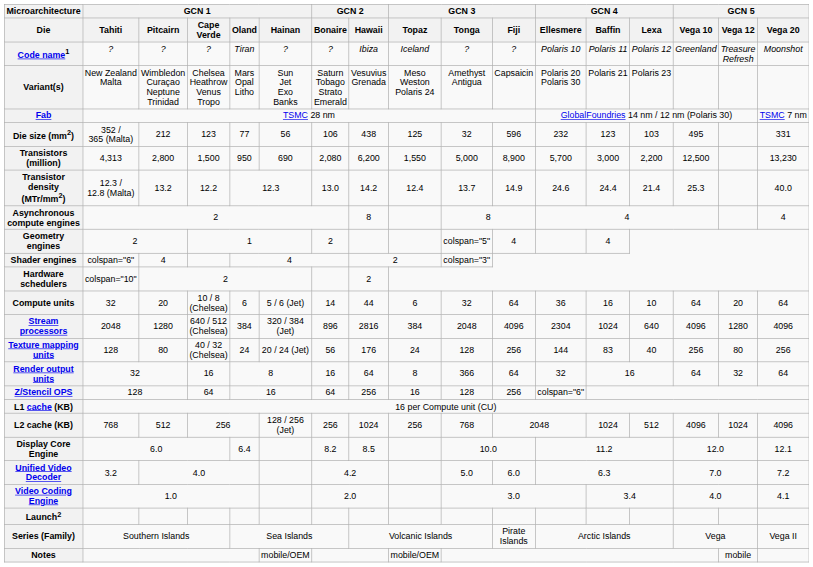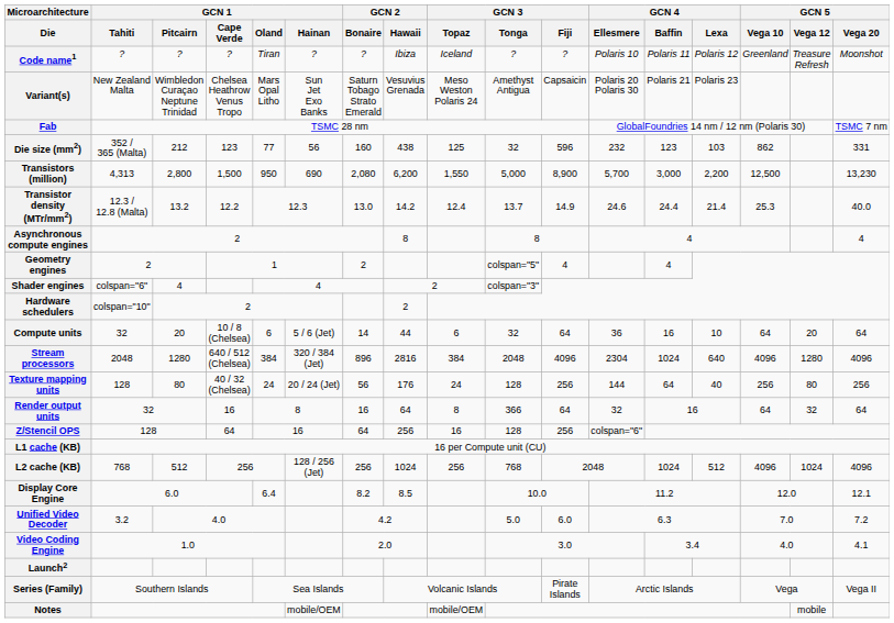 <table class="wikitable" style="font-size: 85%; text-align: center;">
 <tr>
 <th>Microarchitecture</th>
 <th colspan="5">GCN 1</th>
 <th colspan="2">GCN 2</th>
 <th colspan="3">GCN 3</th>
 <th colspan="3">GCN 4</th>
 <th colspan="3">GCN 5</th>
 </tr>
 <tr>
 <th>Die</th>
 <th>Tahiti</th>
 <th>Pitcairn</th>
 <th>Cape Verde</th>
 <th>Oland</th>
 <th>Hainan</th>
 <th>Bonaire</th>
 <th>Hawaii</th>
 <th>Topaz</th>
 <th>Tonga</th>
 <th>Fiji</th>
 <th>Ellesmere</th>
 <th>Baffin</th>
 <th>Lexa</th>
 <th>Vega 10</th>
 <th>Vega 12</th>
 <th>Vega 20</th>
 </tr>
 <tr>
 <th><a href='#'>Code name</a><sup>1</sup></th>
 <td style="vertical-align:top;"><em>?</em></td>
 <td style="vertical-align:top;"><em>?</em></td>
 <td style="vertical-align:top;"><em>?</em></td>
 <td style="vertical-align:top;"><em>Tiran</em></td>
 <td style="vertical-align:top;"><em>?</em></td>
 <td style="vertical-align:top;"><em>?</em></td>
 <td style="vertical-align:top;"><em>Ibiza</em></td>
 <td style="vertical-align:top;"><em>Iceland</em></td>
 <td style="vertical-align:top;"><em>?</em></td>
 <td style="vertical-align:top;"><em>?</em></td>
 <td style="vertical-align:top;"><em>Polaris 10</em></td>
 <td style="vertical-align:top;"><em>Polaris 11</em></td>
 <td style="vertical-align:top;"><em>Polaris 12</em></td>
 <td style="vertical-align:top;"><em>Greenland</em></td>
 <td style="vertical-align:top;"><em>Treasure Refresh</em></td>
 <td style="vertical-align:top;"><em>Moonshot</em></td>
 </tr>
 <tr>
 <th>Variant(s)</th>
 <td style="vertical-align:top;">New Zealand<br>Malta</td>
 <td style="vertical-align:top;">Wimbledon<br>Curaçao<br>Neptune<br>Trinidad</td>
 <td style="vertical-align:top;">Chelsea<br>Heathrow<br>Venus<br>Tropo</td>
 <td style="vertical-align:top;">Mars<br>Opal<br>Litho</td>
 <td style="vertical-align:top;">Sun<br>Jet<br>Exo<br>Banks</td>
 <td style="vertical-align:top;">Saturn<br>Tobago<br>Strato<br>Emerald</td>
 <td style="vertical-align:top;">Vesuvius<br>Grenada</td>
 <td style="vertical-align:top;">Meso<br>Weston<br>Polaris 24</td>
 <td style="vertical-align:top;">Amethyst<br>Antigua</td>
 <td style="vertical-align:top;">Capsaicin</td>
 <td style="vertical-align:top;">Polaris 20<br>Polaris 30</td>
 <td style="vertical-align:top;">Polaris 21</td>
 <td style="vertical-align:top;">Polaris 23</td>
 <td></td>
 <td></td>
 <td></td>
 </tr>
 <tr>
 <th><a href='#'>Fab</a></th>
 <td colspan="10"><a href='#'>TSMC</a> 28 nm</td>
 <td colspan="5"><a href='#'>GlobalFoundries</a> 14 nm / 12 nm (Polaris 30)</td>
 <td colspan="2"><a href='#'>TSMC</a> 7 nm</td>
 </tr>
 <tr>
 <th>Die size (mm<sup>2</sup>)</th>
 <td>352 / 365 (Malta)</td>
 <td>212</td>
 <td>123</td>
 <td>77</td>
 <td>56</td>
-<td>106</td>
+<td>160</td>
 <td>438</td>
 <td>125</td>
 <td>32</td>
 <td>596</td>
 <td>232</td>
 <td>123</td>
 <td>103</td>
-<td>495</td>
+<td>862</td>
 <td></td>
 <td>331</td>
 </tr>
 <tr>
 <th>Transistors (million)</th>
 <td>4,313</td>
 <td>2,800</td>
 <td>1,500</td>
 <td>950</td>
 <td>690</td>
 <td>2,080</td>
 <td>6,200</td>
 <td>1,550</td>
 <td>5,000</td>
 <td>8,900</td>
 <td>5,700</td>
 <td>3,000</td>
 <td>2,200</td>
 <td>12,500</td>
 <td></td>
 <td>13,230</td>
 </tr>
 <tr>
 <th>Transistor density (MTr/mm<sup>2</sup>)</th>
 <td>12.3 / 12.8 (Malta)</td>
 <td>13.2</td>
 <td>12.2</td>
 <td colspan="2">12.3</td>
 <td>13.0</td>
 <td>14.2</td>
 <td>12.4</td>
 <td>13.7</td>
 <td>14.9</td>
 <td>24.6</td>
 <td>24.4</td>
 <td>21.4</td>
 <td>25.3</td>
 <td></td>
 <td>40.0</td>
 </tr>
 <tr>
 <th>Asynchronous compute engines</th>
 <td colspan="6">2</td>
 <td>8</td>
 <td></td>
 <td colspan="2">8</td>
 <td colspan="4">4</td>
 <td></td>
 <td>4</td>
 </tr>
 <tr>
 <th>Geometry engines</th>
 <td colspan="2">2</td>
 <td colspan="3">1</td>
 <td>2</td>
 <td></td>
 <td></td>
 <td>colspan="5" </td>
 <td>4</td>
 <td></td>
 <td>4</td>
 </tr>
 <tr>
 <th>Shader engines</th>
 <td>colspan="6" </td>
 <td>4</td>
 <td></td>
 <td colspan="3">4</td>
 <td colspan="2">2</td>
 <td>colspan="3" </td>
 </tr>
 <tr>
 <th>Hardware schedulers</th>
 <td>colspan="10" </td>
 <td colspan="4">2</td>
 <td></td>
 <td>2</td>
 </tr>
 <tr>
 <th>Compute units</th>
 <td>32</td>
 <td>20</td>
 <td>10 / 8 (Chelsea)</td>
 <td>6</td>
 <td>5 / 6 (Jet)</td>
 <td>14</td>
 <td>44</td>
 <td>6</td>
 <td>32</td>
 <td>64</td>
 <td>36</td>
 <td>16</td>
 <td>10</td>
 <td>64</td>
 <td>20</td>
 <td>64</td>
 </tr>
 <tr>
 <th><a href='#'>Stream processors</a></th>
 <td>2048</td>
 <td>1280</td>
 <td>640 / 512 (Chelsea)</td>
 <td>384</td>
 <td>320 / 384 (Jet)</td>
 <td>896</td>
 <td>2816</td>
 <td>384</td>
 <td>2048</td>
 <td>4096</td>
 <td>2304</td>
 <td>1024</td>
 <td>640</td>
 <td>4096</td>
 <td>1280</td>
 <td>4096</td>
 </tr>
 <tr>
 <th><a href='#'>Texture mapping units</a></th>
 <td>128</td>
 <td>80</td>
 <td>40 / 32 (Chelsea)</td>
 <td>24</td>
 <td>20 / 24 (Jet)</td>
 <td>56</td>
 <td>176</td>
 <td>24</td>
 <td>128</td>
 <td>256</td>
 <td>144</td>
-<td>83</td>
+<td>64</td>
 <td>40</td>
 <td>256</td>
 <td>80</td>
 <td>256</td>
 </tr>
 <tr>
 <th><a href='#'>Render output units</a></th>
 <td colspan="2">32</td>
 <td>16</td>
 <td colspan="2">8</td>
 <td>16</td>
 <td>64</td>
 <td>8</td>
 <td>366</td>
 <td>64</td>
 <td>32</td>
 <td colspan="2">16</td>
 <td>64</td>
 <td>32</td>
 <td>64</td>
 </tr>
 <tr>
 <th><a href='#'>Z/Stencil OPS</a></th>
 <td colspan="2">128</td>
 <td>64</td>
 <td colspan="2">16</td>
 <td>64</td>
 <td>256</td>
 <td>16</td>
 <td>128</td>
 <td>256</td>
 <td>colspan="6" </td>
 </tr>
 <tr>
 <th>L1 <a href='#'>cache</a> (KB)</th>
 <td colspan="16">16 per Compute unit (CU)</td>
 </tr>
 <tr>
 <th>L2 cache (KB)</th>
 <td>768</td>
 <td>512</td>
 <td colspan="2">256</td>
 <td>128 / 256 (Jet)</td>
 <td>256</td>
 <td>1024</td>
 <td>256</td>
 <td>768</td>
 <td colspan="2">2048</td>
 <td>1024</td>
 <td>512</td>
 <td>4096</td>
 <td>1024</td>
 <td>4096</td>
 </tr>
 <tr>
 <th>Display Core Engine</th>
 <td colspan="3">6.0</td>
 <td>6.4</td>
 <td></td>
 <td>8.2</td>
 <td>8.5</td>
 <td></td>
 <td colspan="2">10.0</td>
 <td colspan="3">11.2</td>
 <td colspan="2">12.0</td>
 <td>12.1</td>
 </tr>
 <tr>
 <th><a href='#'>Unified Video Decoder</a></th>
 <td>3.2</td>
 <td colspan="3">4.0</td>
 <td></td>
 <td colspan="2">4.2</td>
 <td></td>
 <td>5.0</td>
 <td>6.0</td>
 <td colspan="3">6.3</td>
 <td colspan="2">7.0</td>
 <td>7.2</td>
 </tr>
 <tr>
 <th><a href='#'>Video Coding Engine</a></th>
 <td colspan="4">1.0</td>
 <td></td>
 <td colspan="2">2.0</td>
 <td></td>
 <td colspan="3">3.0</td>
 <td colspan="2">3.4</td>
 <td colspan="2">4.0</td>
 <td>4.1</td>
 </tr>
 <tr>
 <th>Launch<sup>2</sup></th>
 <td></td>
 <td></td>
 <td></td>
 <td></td>
 <td></td>
 <td></td>
 <td></td>
 <td></td>
 <td></td>
 <td></td>
 <td></td>
 <td></td>
 <td></td>
 <td></td>
 <td></td>
 <td></td>
 </tr>
 <tr>
 <th>Series (Family)</th>
 <td colspan="3">Southern Islands</td>
 <td colspan="3">Sea Islands</td>
 <td colspan="3">Volcanic Islands</td>
 <td>Pirate Islands</td>
 <td colspan="3">Arctic Islands</td>
 <td colspan="2">Vega</td>
 <td>Vega II</td>
 </tr>
 <tr>
 <th>Notes</th>
 <td colspan="4"></td>
 <td>mobile/OEM</td>
 <td colspan="2"></td>
 <td>mobile/OEM</td>
 <td colspan="6"></td>
 <td>mobile</td>
 <td></td>
 </tr>
 </table>
